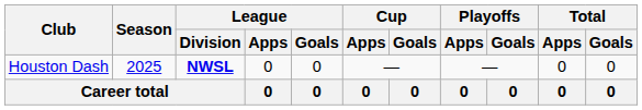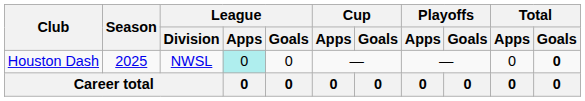 <table class="wikitable" style="text-align: center;">
 <tr>
 <th rowspan="2">Club</th>
 <th rowspan="2">Season</th>
 <th colspan="3">League</th>
 <th colspan="2">Cup</th>
 <th colspan="2">Playoffs</th>
 <th colspan="2">Total</th>
 </tr>
 <tr>
 <th>Division</th>
 <th>Apps</th>
 <th>Goals</th>
 <th>Apps</th>
 <th>Goals</th>
 <th>Apps</th>
 <th>Goals</th>
 <th>Apps</th>
 <th>Goals</th>
 </tr>
 <tr>
 <td><a href='#'>Houston Dash</a></td>
 <td><a href='#'>2025</a></td>
-<td><strong><a href='#'>NWSL</a></strong></td>
-<td>0</td>
+<td><a href='#'>NWSL</a></td>
+<td style="background: paleturquoise;">0</td>
 <td>0</td>
 <td colspan="2">—</td>
 <td colspan="2">—</td>
 <td>0</td>
-<td>0</td>
+<td><strong>0</strong></td>
 </tr>
 <tr>
 <th colspan="3">Career total</th>
 <th>0</th>
 <th>0</th>
 <th>0</th>
 <th>0</th>
 <th>0</th>
 <th>0</th>
 <th>0</th>
 <th>0</th>
 </tr>
 </table>
